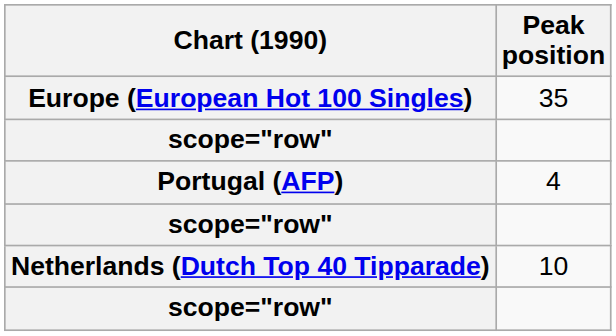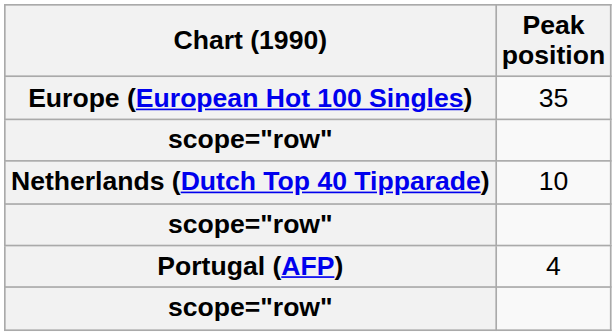 <table class="wikitable plainrowheaders sortable" style="text-align:center">
 <tr>
 <th scope="col">Chart (1990)</th>
 <th scope="col">Peak<br>position</th>
 </tr>
 <tr>
 <th scope="row">Europe (<a href='#'>European Hot 100 Singles</a>)</th>
 <td>35</td>
 </tr>
 <tr>
 <th>scope="row" </th>
 </tr>
 <tr>
+<th scope="row">Netherlands (<a href='#'>Dutch Top 40 Tipparade</a>)</th>
+<td>10</td>
+</tr>
+<tr>
+<th>scope="row" </th>
+</tr>
+<tr>
 <th scope="row">Portugal (<a href='#'>AFP</a>)</th>
 <td>4</td>
 </tr>
 <tr>
 <th>scope="row" </th>
 </tr>
-<tr>
-<th scope="row">Netherlands (<a href='#'>Dutch Top 40 Tipparade</a>)</th>
-<td>10</td>
-</tr>
-<tr>
-<th>scope="row" </th>
-</tr>
 </table>
